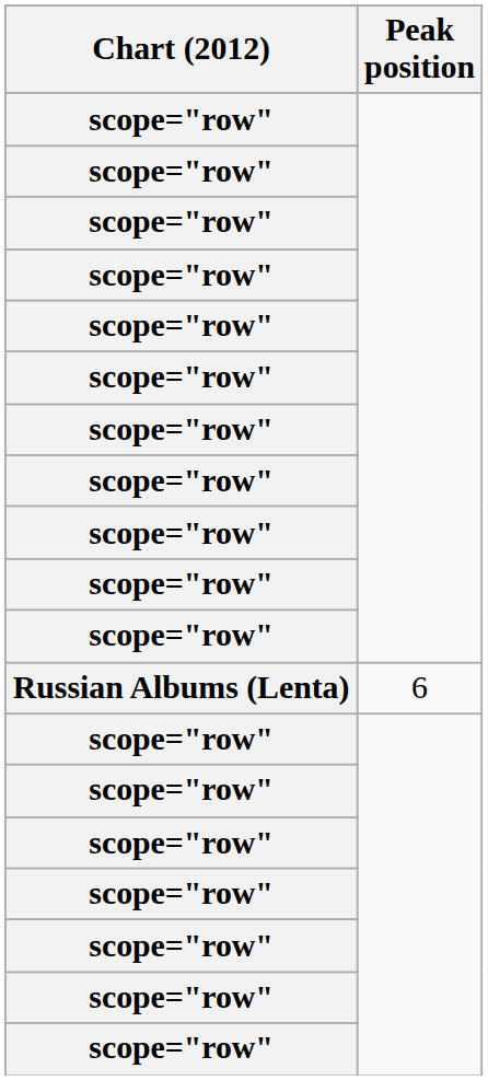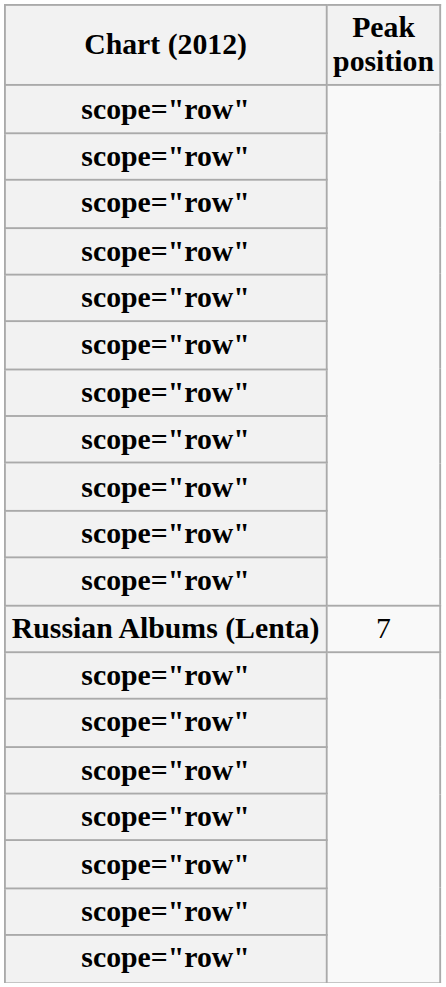 <table class="wikitable plainrowheaders sortable" style="text-align:center;">
 <tr>
 <th scope="col">Chart (2012)</th>
 <th scope="col">Peak<br>position</th>
 </tr>
 <tr>
 <th>scope="row"</th>
 </tr>
 <tr>
 <th>scope="row"</th>
 </tr>
 <tr>
 <th>scope="row"</th>
 </tr>
 <tr>
 <th>scope="row"</th>
 </tr>
 <tr>
 <th>scope="row"</th>
 </tr>
 <tr>
 <th>scope="row"</th>
 </tr>
 <tr>
 <th>scope="row"</th>
 </tr>
 <tr>
 <th>scope="row"</th>
 </tr>
 <tr>
 <th>scope="row"</th>
 </tr>
 <tr>
 <th>scope="row"</th>
 </tr>
 <tr>
 <th>scope="row"</th>
 </tr>
 <tr>
 <th scope="row">Russian Albums (Lenta)</th>
-<td style="text-align:center;">6</td>
+<td style="text-align:center;">7</td>
 </tr>
 <tr>
 <th>scope="row"</th>
 </tr>
 <tr>
 <th>scope="row"</th>
 </tr>
 <tr>
 <th>scope="row"</th>
 </tr>
 <tr>
 <th>scope="row"</th>
 </tr>
 <tr>
 <th>scope="row"</th>
 </tr>
 <tr>
 <th>scope="row"</th>
 </tr>
 <tr>
 <th>scope="row"</th>
 </tr>
 </table>
